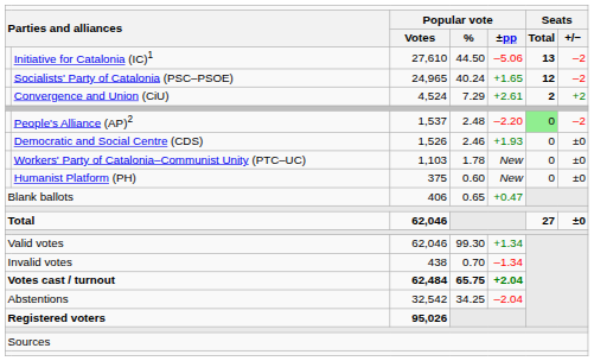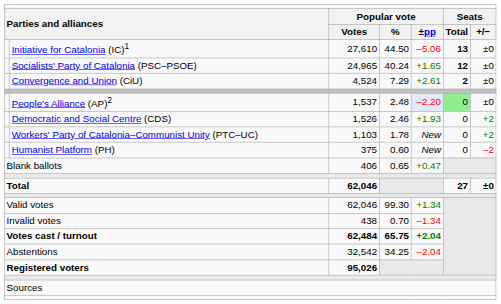 <table class="wikitable" style="text-align:right;">
 <tr>
 <td colspan="7"></td>
 </tr>
 <tr>
 <th style="text-align:left;" rowspan="2" colspan="2" width="525">Parties and alliances</th>
 <th colspan="3">Popular vote</th>
 <th colspan="2">Seats</th>
 </tr>
 <tr>
 <th width="75">Votes</th>
 <th width="45">%</th>
 <th width="45">±<a href='#'>pp</a></th>
 <th width="35">Total</th>
 <th width="35">+/−</th>
 </tr>
 <tr>
 <td width="1" style="color:inherit;background:"></td>
 <td align="left"><a href='#'>Initiative for Catalonia</a> (IC)<sup>1</sup></td>
 <td>27,610</td>
 <td>44.50</td>
 <td style="color:red;">–5.06</td>
 <td><strong>13</strong></td>
-<td style="color:red;">–2</td>
+<td>±0</td>
 </tr>
 <tr>
 <td style="color:inherit;background:"></td>
 <td align="left"><a href='#'>Socialists' Party of Catalonia</a> (PSC–PSOE)</td>
 <td>24,965</td>
 <td>40.24</td>
 <td style="color:green;">+1.65</td>
 <td><strong>12</strong></td>
-<td style="color:red;">–2</td>
+<td>±0</td>
 </tr>
 <tr>
 <td style="color:inherit;background:"></td>
 <td align="left"><a href='#'>Convergence and Union</a> (CiU)</td>
 <td>4,524</td>
 <td>7.29</td>
 <td style="color:green;">+2.61</td>
 <td><strong>2</strong></td>
-<td style="color:green;">+2</td>
+<td>±0</td>
 </tr>
 <tr>
 <td colspan="7" style="color:inherit;background:#C0C0C0"></td>
 </tr>
 <tr>
 <td style="color:inherit;background:"></td>
 <td align="left"><a href='#'>People's Alliance</a> (AP)<sup>2</sup></td>
 <td>1,537</td>
 <td>2.48</td>
-<td style="color:red;">–2.20</td>
+<td style="background: lavender; color:red;">–2.20</td>
 <td style="background: lightgreen;">0</td>
-<td style="color:red;">–2</td>
+<td>±0</td>
 </tr>
 <tr>
 <td style="color:inherit;background:"></td>
 <td align="left"><a href='#'>Democratic and Social Centre</a> (CDS)</td>
 <td>1,526</td>
 <td>2.46</td>
 <td style="color:green;">+1.93</td>
 <td>0</td>
-<td>±0</td>
+<td style="color:green;">+2</td>
 </tr>
 <tr>
 <td style="color:inherit;background:"></td>
 <td align="left"><a href='#'>Workers' Party of Catalonia–Communist Unity</a> (PTC–UC)</td>
 <td>1,103</td>
 <td>1.78</td>
 <td><em>New</em></td>
 <td>0</td>
-<td>±0</td>
+<td style="color:green;">+2</td>
 </tr>
 <tr>
 <td style="color:inherit;background:"></td>
 <td align="left"><a href='#'>Humanist Platform</a> (PH)</td>
 <td>375</td>
 <td>0.60</td>
 <td><em>New</em></td>
 <td>0</td>
-<td>±0</td>
+<td style="color:red;">–2</td>
 </tr>
 <tr>
 <td align="left" colspan="2">Blank ballots</td>
 <td>406</td>
 <td>0.65</td>
 <td style="color:green;">+0.47</td>
 <td style="color:inherit;background:#E9E9E9" colspan="2"></td>
 </tr>
 <tr>
 <td colspan="7" style="color:inherit;background:#E9E9E9"></td>
 </tr>
 <tr style="font-weight:bold;">
 <td align="left" colspan="2">Total</td>
 <td>62,046</td>
 <td bgcolor="#E9E9E9" colspan="2"></td>
 <td>27</td>
 <td>±0</td>
 </tr>
 <tr>
 <td colspan="7" style="color:inherit;background:#E9E9E9"></td>
 </tr>
 <tr>
 <td align="left" colspan="2">Valid votes</td>
 <td>62,046</td>
 <td>99.30</td>
 <td style="color:green;">+1.34</td>
 <td bgcolor="#E9E9E9" colspan="2" rowspan="5"></td>
 </tr>
 <tr>
 <td align="left" colspan="2">Invalid votes</td>
 <td>438</td>
 <td>0.70</td>
 <td style="color:red;">–1.34</td>
 </tr>
 <tr style="font-weight:bold;">
 <td align="left" colspan="2">Votes cast / turnout</td>
 <td>62,484</td>
 <td>65.75</td>
 <td style="color:green;">+2.04</td>
 </tr>
 <tr>
 <td align="left" colspan="2">Abstentions</td>
 <td>32,542</td>
 <td>34.25</td>
 <td style="color:red;">–2.04</td>
 </tr>
 <tr style="font-weight:bold;">
 <td align="left" colspan="2">Registered voters</td>
 <td>95,026</td>
 <td bgcolor="#E9E9E9" colspan="2"></td>
 </tr>
 <tr>
 <td colspan="7" style="color:inherit;background:#E9E9E9"></td>
 </tr>
 <tr>
 <td align="left" colspan="7">Sources</td>
 </tr>
 <tr>
 <td colspan="7" style="text-align:left; max-width:790px;"></td>
 </tr>
 </table>
